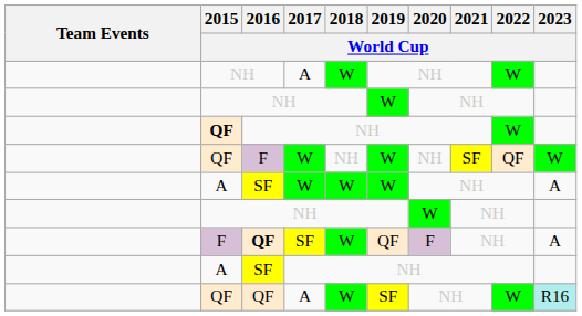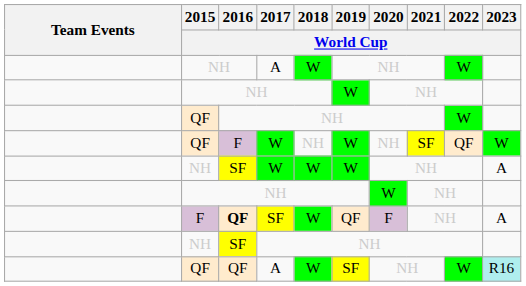 <table style='font-size: 90%; text-align:center;' class='wikitable'>
 <tr>
 <th rowspan="2" style="width:160px;" class=unsortable>Team Events</th>
 <th>2015</th>
 <th>2016</th>
 <th>2017</th>
 <th>2018</th>
 <th>2019</th>
 <th>2020</th>
 <th>2021</th>
 <th>2022</th>
 <th>2023</th>
 </tr>
 <tr>
 <th colspan="9"><a href='#'>World Cup</a></th>
 </tr>
 <tr>
 <td align=left></td>
 <td colspan="2" style=color:#ccc>NH</td>
 <td>A</td>
 <td bgcolor=00FF00>W</td>
 <td colspan="3" style=color:#ccc>NH</td>
 <td bgcolor=00FF00>W</td>
 <td></td>
 </tr>
 <tr>
 <td align=left></td>
 <td colspan="4" style=color:#ccc>NH</td>
 <td bgcolor=00FF00>W</td>
 <td colspan="3" style=color:#ccc>NH</td>
 <td></td>
 </tr>
 <tr>
 <td align=left></td>
-<td bgcolor=FFEBCD><strong>QF</strong></td>
+<td bgcolor=FFEBCD>QF</td>
 <td colspan="6" style=color:#ccc>NH</td>
 <td bgcolor=00FF00>W</td>
 <td></td>
 </tr>
 <tr>
 <td align=left></td>
 <td bgcolor=FFEBCD>QF</td>
 <td bgcolor=D8BFD8>F</td>
 <td bgcolor=00FF00>W</td>
 <td style=color:#ccc>NH</td>
 <td bgcolor=00FF00>W</td>
 <td style=color:#ccc>NH</td>
 <td bgcolor=FFFF00>SF</td>
 <td bgcolor=FFEBCD>QF</td>
 <td bgcolor=00FF00>W</td>
 </tr>
 <tr>
 <td align=left></td>
-<td>A</td>
+<td style=color:#ccc>NH</td>
 <td bgcolor=FFFF00>SF</td>
 <td bgcolor=00FF00>W</td>
 <td bgcolor=00FF00>W</td>
 <td bgcolor=00FF00>W</td>
 <td colspan="3" style=color:#ccc>NH</td>
 <td>A</td>
 </tr>
 <tr>
 <td align=left></td>
 <td colspan="5" style=color:#ccc>NH</td>
 <td bgcolor=00FF00>W</td>
 <td colspan="2" style=color:#ccc>NH</td>
 <td></td>
 </tr>
 <tr>
 <td align=left></td>
 <td bgcolor=D8BFD8>F</td>
 <td bgcolor=FFEBCD><strong>QF</strong></td>
 <td bgcolor=FFFF00>SF</td>
 <td bgcolor=00FF00>W</td>
 <td bgcolor=FFEBCD>QF</td>
 <td bgcolor=D8BFD8>F</td>
 <td colspan="2" style=color:#ccc>NH</td>
 <td>A</td>
 </tr>
 <tr>
 <td align=left></td>
-<td>A</td>
+<td style=color:#ccc>NH</td>
 <td bgcolor=FFFF00>SF</td>
 <td colspan="6" style=color:#ccc>NH</td>
 <td></td>
 </tr>
 <tr>
 <td align=left></td>
 <td bgcolor=FFEBCD>QF</td>
 <td bgcolor=FFEBCD>QF</td>
 <td>A</td>
 <td bgcolor=00FF00>W</td>
 <td bgcolor=FFFF00>SF</td>
 <td colspan="2" style=color:#ccc>NH</td>
 <td bgcolor=00FF00>W</td>
 <td bgcolor=AFEEEE>R16</td>
 </tr>
 </table>
